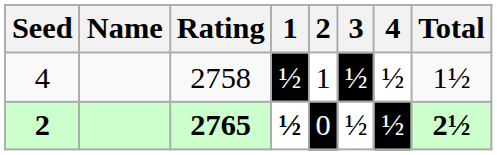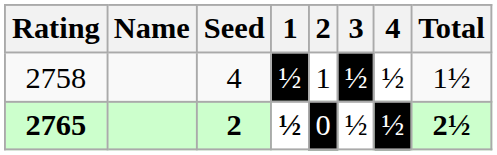 <table class="wikitable">
 <tr>
+<th>Rating</th>
+<th>Name</th>
 <th>Seed</th>
-<th>Name</th>
-<th>Rating</th>
 <th>1</th>
 <th>2</th>
 <th>3</th>
 <th>4</th>
 <th>Total</th>
 </tr>
 <tr align=center>
+<td>2758</td>
+<td align=left></td>
 <td>4</td>
-<td align=left></td>
-<td>2758</td>
 <td style="background:black; color:white">½</td>
 <td style="background:white; color:black">1</td>
 <td style="background:black; color:white">½</td>
 <td style="background:white; color:black">½</td>
 <td>1½</td>
 </tr>
 <tr align=center style="background:#ccffcc;">
+<td><strong>2765</strong></td>
+<td align=left></td>
 <td><strong>2</strong></td>
-<td align=left></td>
-<td><strong>2765</strong></td>
 <td style="background:white; color:black"><strong>½</strong></td>
 <td style="background:black; color:white">0</td>
 <td style="background:white; color:black">½</td>
 <td style="background:black; color:white">½</td>
 <td><strong>2½</strong></td>
 </tr>
 </table>
